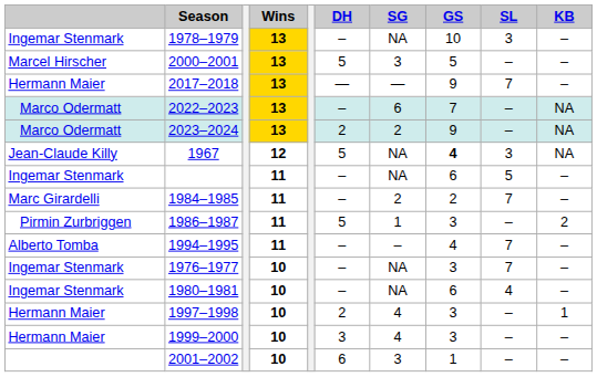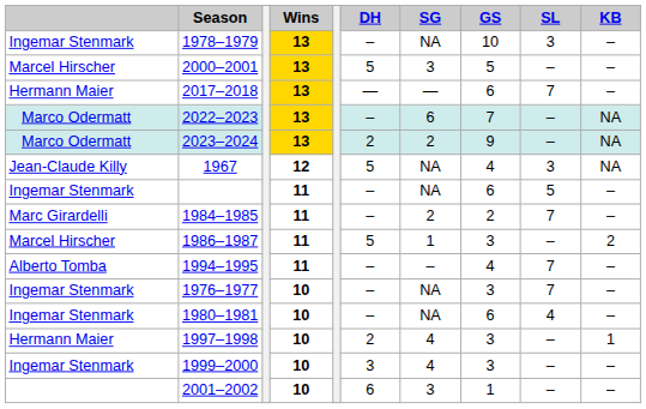 <table class="wikitable plainrowheaders" style="background:#fff; font-size:86%; line-height:16px; border:grey solid 1px; border-collapse:collapse">
 <tr style="background:#ccc; text-align:center;">
 <th style="background-color: #ccc;" width="150"></th>
 <th style="background-color: #ccc;" width="70">Season</th>
 <th rowspan=16></th>
 <th style="background:#ccc; width:10%">Wins</th>
 <th rowspan=16></th>
 <th style="background-color: #ccc;" width="48"><a href='#'>DH</a></th>
 <th style="background-color: #ccc;" width="48"><a href='#'>SG</a></th>
 <th style="background-color: #ccc;" width="48"><a href='#'>GS</a></th>
 <th style="background-color: #ccc;" width="48"><a href='#'>SL</a></th>
 <th style="background-color: #ccc;" width="48"><a href='#'>KB</a></th>
 </tr>
 <tr align=center>
 <td align=left> <a href='#'>Ingemar Stenmark</a></td>
 <td><a href='#'>1978–1979</a></td>
 <td style="background:gold;"><strong>13</strong></td>
 <td>–</td>
 <td>NA</td>
 <td>10</td>
 <td>3</td>
 <td>–</td>
 </tr>
 <tr align=center>
 <td align=left> <a href='#'>Marcel Hirscher</a></td>
 <td><a href='#'>2000–2001</a></td>
 <td style="background:gold;"><strong>13</strong></td>
 <td>5</td>
 <td>3</td>
 <td>5</td>
 <td>–</td>
 <td>–</td>
 </tr>
 <tr align=center>
 <td align=left> <a href='#'>Hermann Maier</a></td>
 <td><a href='#'>2017–2018</a></td>
 <td style="background:gold;"><strong>13</strong></td>
 <td>—</td>
 <td>—</td>
-<td>9</td>
+<td>6</td>
 <td>7</td>
 <td>–</td>
 </tr>
 <tr style="background:#CFECEC" align=center>
 <td align=left>   <a href='#'>Marco Odermatt</a></td>
 <td><a href='#'>2022–2023</a></td>
 <td style="background:gold;"><strong>13</strong></td>
 <td>–</td>
 <td>6</td>
 <td>7</td>
 <td>–</td>
 <td>NA</td>
 </tr>
 <tr style="background:#CFECEC" align=center>
 <td align=left>   <a href='#'>Marco Odermatt</a></td>
 <td><a href='#'>2023–2024</a></td>
 <td style="background:gold;"><strong>13</strong></td>
 <td>2</td>
 <td>2</td>
 <td>9</td>
 <td>–</td>
 <td>NA</td>
 </tr>
 <tr align=center>
 <td align=left> <a href='#'>Jean-Claude Killy</a></td>
 <td><a href='#'>1967</a></td>
 <td><strong>12</strong></td>
 <td align=center>5</td>
 <td>NA</td>
-<td><strong>4</strong></td>
+<td>4</td>
 <td>3</td>
 <td>NA</td>
 </tr>
 <tr align=center>
 <td align=left> <a href='#'>Ingemar Stenmark</a></td>
 <td></td>
 <td><strong>11</strong></td>
 <td>–</td>
 <td>NA</td>
 <td>6</td>
 <td>5</td>
 <td>–</td>
 </tr>
 <tr align=center>
 <td align=left> <a href='#'>Marc Girardelli</a></td>
 <td><a href='#'>1984–1985</a></td>
 <td><strong>11</strong></td>
 <td>–</td>
 <td>2</td>
 <td>2</td>
 <td>7</td>
 <td>–</td>
 </tr>
 <tr align=center>
-<td align=left>   <a href='#'>Pirmin Zurbriggen</a></td>
+<td align=left> <a href='#'>Marcel Hirscher</a></td>
 <td><a href='#'>1986–1987</a></td>
 <td><strong>11</strong></td>
 <td>5</td>
 <td>1</td>
 <td>3</td>
 <td>–</td>
 <td>2</td>
 </tr>
 <tr align=center>
 <td align=left> <a href='#'>Alberto Tomba</a></td>
 <td><a href='#'>1994–1995</a></td>
 <td><strong>11</strong></td>
 <td>–</td>
 <td>–</td>
 <td>4</td>
 <td>7</td>
 <td>–</td>
 </tr>
 <tr align=center>
 <td align=left> <a href='#'>Ingemar Stenmark</a></td>
 <td><a href='#'>1976–1977</a></td>
 <td><strong>10</strong></td>
 <td>–</td>
 <td>NA</td>
 <td>3</td>
 <td>7</td>
 <td>–</td>
 </tr>
 <tr align=center>
 <td align=left> <a href='#'>Ingemar Stenmark</a></td>
 <td><a href='#'>1980–1981</a></td>
 <td><strong>10</strong></td>
 <td>–</td>
 <td>NA</td>
 <td>6</td>
 <td>4</td>
 <td>–</td>
 </tr>
 <tr align=center>
 <td align=left> <a href='#'>Hermann Maier</a></td>
 <td><a href='#'>1997–1998</a></td>
 <td><strong>10</strong></td>
 <td>2</td>
 <td>4</td>
 <td>3</td>
 <td>–</td>
 <td>1</td>
 </tr>
 <tr align=center>
-<td align=left> <a href='#'>Hermann Maier</a></td>
+<td align=left> <a href='#'>Ingemar Stenmark</a></td>
 <td><a href='#'>1999–2000</a></td>
 <td><strong>10</strong></td>
 <td>3</td>
 <td>4</td>
 <td>3</td>
 <td>–</td>
 <td>–</td>
 </tr>
 <tr align=center>
 <td align=left></td>
 <td><a href='#'>2001–2002</a></td>
 <td><strong>10</strong></td>
 <td>6</td>
 <td>3</td>
 <td>1</td>
 <td>–</td>
 <td>–</td>
 </tr>
 </table>
